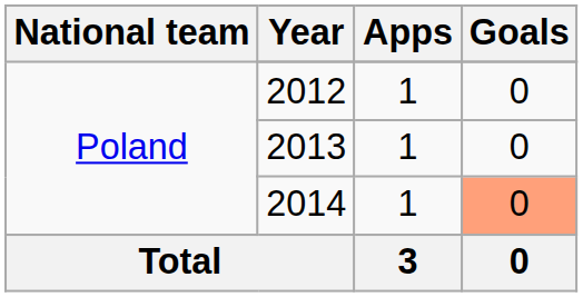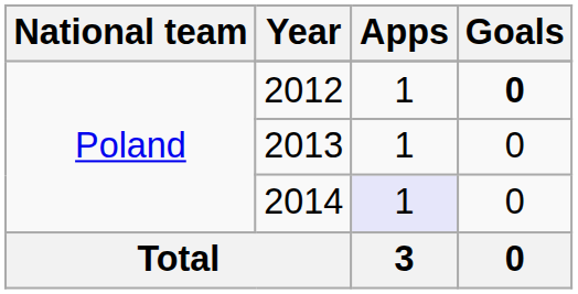 <table class="wikitable" style="text-align:center">
 <tr>
 <th>National team</th>
 <th>Year</th>
 <th>Apps</th>
 <th>Goals</th>
 </tr>
 <tr>
 <td rowspan=4><a href='#'>Poland</a></td>
 </tr>
 <tr>
 <td>2012</td>
 <td>1</td>
-<td>0</td>
+<td><strong>0</strong></td>
 </tr>
 <tr>
 <td>2013</td>
 <td>1</td>
 <td>0</td>
 </tr>
 <tr>
 <td>2014</td>
-<td>1</td>
-<td style="background: lightsalmon;">0</td>
+<td style="background: lavender;">1</td>
+<td>0</td>
 </tr>
 <tr>
 <th colspan="2">Total</th>
 <th>3</th>
 <th>0</th>
 </tr>
 </table>
